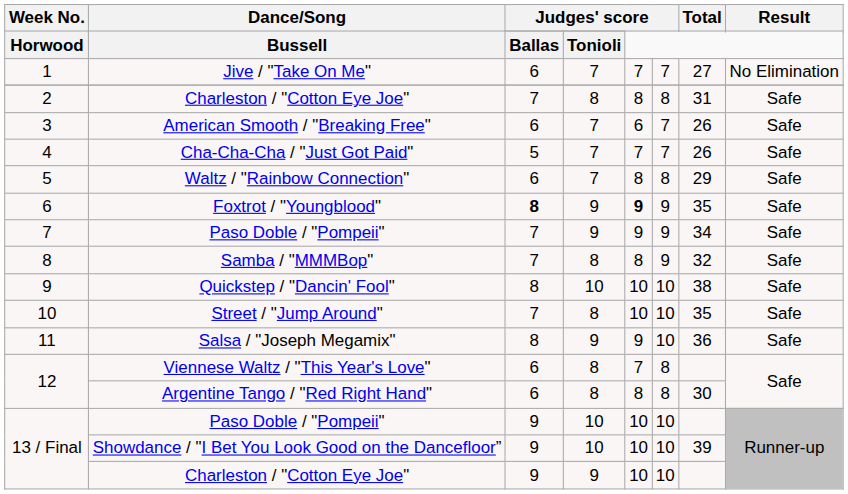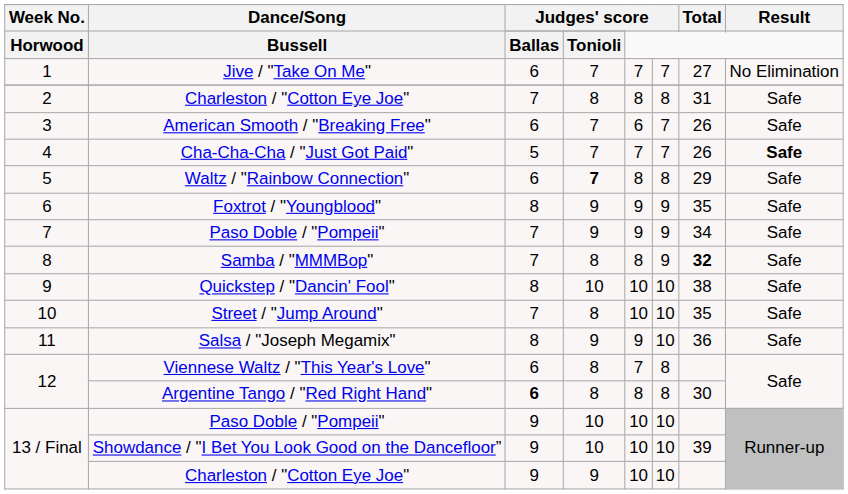 <table class="wikitable sortable" style="margin:auto; text-align:center;">
 <tr>
 <th rowspan="2" align="Center"><strong>Week No.</strong></th>
 <th rowspan="2" align="Center"><strong>Dance/Song</strong></th>
 <th colspan="4" align="Center"><strong>Judges' score</strong></th>
 <th rowspan="2" align="Center"><strong>Total</strong></th>
 <th rowspan="2" align="Center"><strong>Result</strong></th>
 </tr>
 <tr>
 </tr>
 <tr>
 <th style= width="10%" align="center">Horwood</th>
 <th style= width="10%" align="center">Bussell</th>
 <th style= width="10%" align="center">Ballas</th>
 <th style= width="10%" align="center">Tonioli</th>
 </tr>
 <tr>
 <td style="text-align:center; background:#faf6f6;">1</td>
 <td style="text-align:center; background:#faf6f6;"><a href='#'>Jive</a> / "<a href='#'>Take On Me</a>"</td>
 <td style="text-align:center; background:#faf6f6;">6</td>
 <td style="text-align:center; background:#faf6f6;">7</td>
 <td style="text-align:center; background:#faf6f6;">7</td>
 <td style="text-align:center; background:#faf6f6;">7</td>
 <td style="text-align:center; background:#faf6f6;">27</td>
 <td style="text-align:center; background:#faf6f6;">No Elimination</td>
 </tr>
 <tr>
 </tr>
 <tr>
 <td style="text-align:center; background:#faf6f6;">2</td>
 <td style="text-align:center; background:#faf6f6;"><a href='#'>Charleston</a> / "<a href='#'>Cotton Eye Joe</a>"</td>
 <td style="text-align:center; background:#faf6f6;">7</td>
 <td style="text-align:center; background:#faf6f6;">8</td>
 <td style="text-align:center; background:#faf6f6;">8</td>
 <td style="text-align:center; background:#faf6f6;">8</td>
 <td style="text-align:center; background:#faf6f6;">31</td>
 <td style="text-align:center; background:#faf6f6;">Safe</td>
 </tr>
 <tr>
 <td style="text-align:center; background:#faf6f6;">3</td>
 <td style="text-align:center; background:#faf6f6;"><a href='#'>American Smooth</a> / "<a href='#'>Breaking Free</a>"</td>
 <td style="text-align:center; background:#faf6f6;">6</td>
 <td style="text-align:center; background:#faf6f6;">7</td>
 <td style="text-align:center; background:#faf6f6;">6</td>
 <td style="text-align:center; background:#faf6f6;">7</td>
 <td style="text-align:center; background:#faf6f6;">26</td>
 <td style="text-align:center; background:#faf6f6;">Safe</td>
 </tr>
 <tr>
 <td style="text-align:center; background:#faf6f6;">4</td>
 <td style="text-align:center; background:#faf6f6;"><a href='#'>Cha-Cha-Cha</a> / "<a href='#'>Just Got Paid</a>"</td>
 <td style="text-align:center; background:#faf6f6;">5</td>
 <td style="text-align:center; background:#faf6f6;">7</td>
 <td style="text-align:center; background:#faf6f6;">7</td>
 <td style="text-align:center; background:#faf6f6;">7</td>
 <td style="text-align:center; background:#faf6f6;">26</td>
-<td style="text-align:center; background:#faf6f6;">Safe</td>
+<td style="text-align:center; background:#faf6f6;"><strong>Safe</strong></td>
 </tr>
 <tr>
 <td style="text-align:center; background:#faf6f6;">5</td>
 <td style="text-align:center; background:#faf6f6;"><a href='#'>Waltz</a> / "<a href='#'>Rainbow Connection</a>"</td>
 <td style="text-align:center; background:#faf6f6;">6</td>
-<td style="text-align:center; background:#faf6f6;">7</td>
+<td style="text-align:center; background:#faf6f6;"><strong>7</strong></td>
 <td style="text-align:center; background:#faf6f6;">8</td>
 <td style="text-align:center; background:#faf6f6;">8</td>
 <td style="text-align:center; background:#faf6f6;">29</td>
 <td style="text-align:center; background:#faf6f6;">Safe</td>
 </tr>
 <tr>
 <td style="text-align:center; background:#faf6f6;">6</td>
 <td style="text-align:center; background:#faf6f6;"><a href='#'>Foxtrot</a> / "<a href='#'>Youngblood</a>"</td>
-<td style="text-align:center; background:#faf6f6;"><strong>8</strong></td>
+<td style="text-align:center; background:#faf6f6;">8</td>
 <td style="text-align:center; background:#faf6f6;">9</td>
-<td style="text-align:center; background:#faf6f6;"><strong>9</strong></td>
+<td style="text-align:center; background:#faf6f6;">9</td>
 <td style="text-align:center; background:#faf6f6;">9</td>
 <td style="text-align:center; background:#faf6f6;">35</td>
 <td style="text-align:center; background:#faf6f6;">Safe</td>
 </tr>
 <tr>
 <td style="text-align:center; background:#faf6f6;">7</td>
 <td style="text-align:center; background:#faf6f6;"><a href='#'>Paso Doble</a> / "<a href='#'>Pompeii</a>"</td>
 <td style="text-align:center; background:#faf6f6;">7</td>
 <td style="text-align:center; background:#faf6f6;">9</td>
 <td style="text-align:center; background:#faf6f6;">9</td>
 <td style="text-align:center; background:#faf6f6;">9</td>
 <td style="text-align:center; background:#faf6f6;">34</td>
 <td style="text-align:center; background:#faf6f6;">Safe</td>
 </tr>
 <tr>
 <td style="text-align:center; background:#faf6f6;">8</td>
 <td style="text-align:center; background:#faf6f6;"><a href='#'>Samba</a> / "<a href='#'>MMMBop</a>"</td>
 <td style="text-align:center; background:#faf6f6;">7</td>
 <td style="text-align:center; background:#faf6f6;">8</td>
 <td style="text-align:center; background:#faf6f6;">8</td>
 <td style="text-align:center; background:#faf6f6;">9</td>
-<td style="text-align:center; background:#faf6f6;">32</td>
+<td style="text-align:center; background:#faf6f6;"><strong>32</strong></td>
 <td style="text-align:center; background:#faf6f6;">Safe</td>
 </tr>
 <tr>
 <td style="text-align:center; background:#faf6f6;">9</td>
 <td style="text-align:center; background:#faf6f6;"><a href='#'>Quickstep</a> / "<a href='#'>Dancin' Fool</a>"</td>
 <td style="text-align:center; background:#faf6f6;">8</td>
 <td style="text-align:center; background:#faf6f6;">10</td>
 <td style="text-align:center; background:#faf6f6;">10</td>
 <td style="text-align:center; background:#faf6f6;">10</td>
 <td style="text-align:center; background:#faf6f6;">38</td>
 <td style="text-align:center; background:#faf6f6;">Safe</td>
 </tr>
 <tr>
 <td style="text-align:center; background:#faf6f6;">10</td>
 <td style="text-align:center; background:#faf6f6;"><a href='#'>Street</a> / "<a href='#'>Jump Around</a>"</td>
 <td style="text-align:center; background:#faf6f6;">7</td>
 <td style="text-align:center; background:#faf6f6;">8</td>
 <td style="text-align:center; background:#faf6f6;">10</td>
 <td style="text-align:center; background:#faf6f6;">10</td>
 <td style="text-align:center; background:#faf6f6;">35</td>
 <td style="text-align:center; background:#faf6f6;">Safe</td>
 </tr>
 <tr>
 <td style="text-align:center; background:#faf6f6;">11</td>
 <td style="text-align:center; background:#faf6f6;"><a href='#'>Salsa</a> / "Joseph Megamix"</td>
 <td style="text-align:center; background:#faf6f6;">8</td>
 <td style="text-align:center; background:#faf6f6;">9</td>
 <td style="text-align:center; background:#faf6f6;">9</td>
 <td style="text-align:center; background:#faf6f6;">10</td>
 <td style="text-align:center; background:#faf6f6;">36</td>
 <td style="text-align:center; background:#faf6f6;">Safe</td>
 </tr>
 <tr>
 <td rowspan="2" align="Center" style="text-align:center; background:#faf6f6;">12</td>
 <td style="text-align:center; background:#faf6f6;"><a href='#'>Viennese Waltz</a> / "<a href='#'>This Year's Love</a>"</td>
 <td style="text-align:center; background:#faf6f6;">6</td>
 <td style="text-align:center; background:#faf6f6;">8</td>
 <td style="text-align:center; background:#faf6f6;">7</td>
 <td style="text-align:center; background:#faf6f6;">8</td>
 <td style="text-align:center; background:#faf6f6;"></td>
 <td rowspan="2" align="Center" style="text-align:center; background:#faf6f6;">Safe</td>
 </tr>
 <tr>
 <td style="text-align:center; background:#faf6f6;"><a href='#'>Argentine Tango</a> / "<a href='#'>Red Right Hand</a>"</td>
-<td style="text-align:center; background:#faf6f6;">6</td>
+<td style="text-align:center; background:#faf6f6;"><strong>6</strong></td>
 <td style="text-align:center; background:#faf6f6;">8</td>
 <td style="text-align:center; background:#faf6f6;">8</td>
 <td style="text-align:center; background:#faf6f6;">8</td>
 <td style="text-align:center; background:#faf6f6;">30</td>
 </tr>
 <tr>
 <td rowspan="3" align="Center" style="text-align:center; background:#faf6f6;">13 / Final</td>
 <td style="Text-align:center; background:#faf6f6;"><a href='#'>Paso Doble</a> / "<a href='#'>Pompeii</a>"</td>
 <td style="text-align:center; background:#faf6f6;">9</td>
 <td style="text-align:center; background:#faf6f6;">10</td>
 <td style="text-align:center; background:#faf6f6;">10</td>
 <td style="text-align:Center; background:#faf6f6;">10</td>
 <td style="Text-align:Center; background:#faf6f6;"></td>
 <td rowspan="3" align="Center" style="Text-align:center; background:Silver;">Runner-up</td>
 </tr>
 <tr>
 <td style="Text-align:center; background:#faf6f6;"><a href='#'>Showdance</a> / "<a href='#'>I Bet You Look Good on the Dancefloor</a>”</td>
 <td style="text-align:center; background:#faf6f6;">9</td>
 <td style="text-align:center; background:#faf6f6;">10</td>
 <td style="text-align:center; background:#faf6f6;">10</td>
 <td style="text-align:Center; background:#faf6f6;">10</td>
 <td style="Text-align:Center; background:#faf6f6;">39</td>
 </tr>
 <tr>
 <td style="Text-align:center; background:#faf6f6;"><a href='#'>Charleston</a> / "<a href='#'>Cotton Eye Joe</a>"</td>
 <td style="text-align:center; background:#faf6f6;">9</td>
 <td style="text-align:center; background:#faf6f6;">9</td>
 <td style="text-align:center; background:#faf6f6;">10</td>
 <td style="text-align:Center; background:#faf6f6;">10</td>
 <td style="Text-align:Center; background:#faf6f6;"></td>
 </tr>
 </table>
